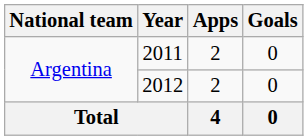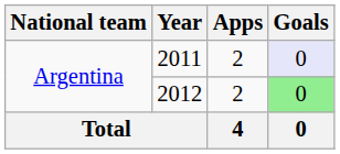 <table class="wikitable" style="text-align:center">
 <tr>
 <th>National team</th>
 <th>Year</th>
 <th>Apps</th>
 <th>Goals</th>
 </tr>
 <tr>
 <td rowspan=2 valign="center"><a href='#'>Argentina</a></td>
 <td>2011</td>
 <td>2</td>
-<td>0</td>
+<td style="background: lavender;">0</td>
 </tr>
 <tr>
 <td>2012</td>
 <td>2</td>
-<td>0</td>
+<td style="background: lightgreen;">0</td>
 </tr>
 <tr>
 <th colspan=2>Total</th>
 <th>4</th>
 <th>0</th>
 </tr>
 </table>
